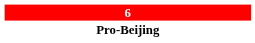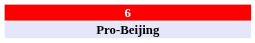 <table style="width:50%; text-align:center;">
 <tr style="color:white;">
 <td style="background:red; width:100%;"><strong>6</strong></td>
 </tr>
 <tr>
-<td><span><strong>Pro-Beijing</strong></span></td>
+<td style="background: lavender;"><span><strong>Pro-Beijing</strong></span></td>
 </tr>
 </table>
